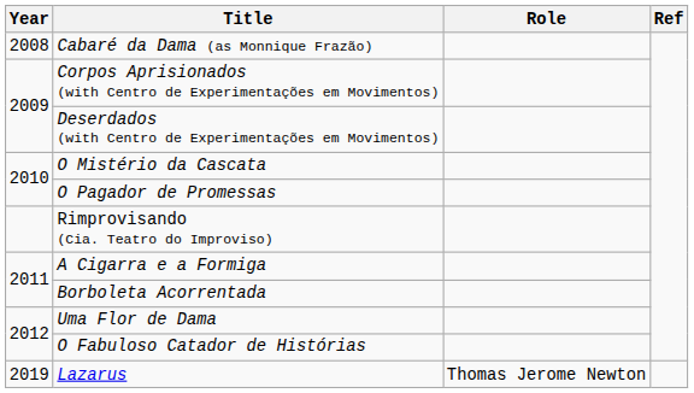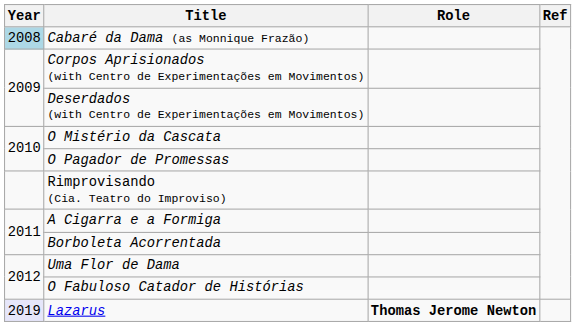 <table class="wikitable">
 <tr>
 <th>Year</th>
 <th>Title</th>
 <th>Role</th>
 <th>Ref</th>
 </tr>
 <tr>
-<td>2008</td>
+<td style="background: lightblue;">2008</td>
 <td><em>Cabaré da Dama</em> <small>(as Monnique Frazão)</small></td>
 <td></td>
 <td rowspan="10"></td>
 </tr>
 <tr>
 <td rowspan="2">2009</td>
 <td><em>Corpos Aprisionados</em> <br><small>(with Centro de Experimentações em Movimentos)</small></td>
 <td></td>
 </tr>
 <tr>
 <td><em>Deserdados</em>  <br><small>(with Centro de Experimentações em Movimentos)</small></td>
 <td></td>
 </tr>
 <tr>
 <td rowspan="2">2010</td>
 <td><em>O Mistério da Cascata</em></td>
 <td></td>
 </tr>
 <tr>
 <td><em>O Pagador de Promessas</em></td>
 <td></td>
 </tr>
 <tr>
 <td></td>
 <td>Rimprovisando <br><small>(Cia. Teatro do Improviso)</small></td>
 <td></td>
 </tr>
 <tr>
 <td rowspan="2">2011</td>
 <td><em>A Cigarra e a Formiga</em></td>
 <td></td>
 </tr>
 <tr>
 <td><em>Borboleta Acorrentada</em></td>
 <td></td>
 </tr>
 <tr>
 <td rowspan="2">2012</td>
 <td><em>Uma Flor de Dama</em></td>
 <td></td>
 </tr>
 <tr>
 <td><em>O Fabuloso Catador de Histórias</em></td>
 <td></td>
 </tr>
 <tr>
-<td>2019</td>
+<td style="background: lavender;">2019</td>
 <td><em><a href='#'>Lazarus</a></em></td>
-<td>Thomas Jerome Newton</td>
+<td><strong>Thomas Jerome Newton</strong></td>
 <td></td>
 </tr>
 </table>
